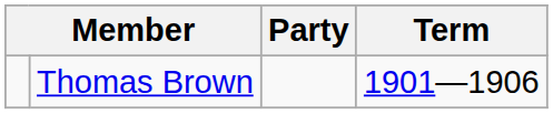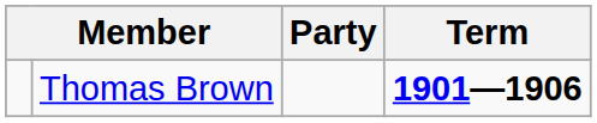 <table class="wikitable">
 <tr>
 <th colspan="2">Member</th>
 <th>Party</th>
 <th>Term</th>
 </tr>
 <tr>
 <td> </td>
 <td><a href='#'>Thomas Brown</a></td>
 <td></td>
-<td><a href='#'>1901</a>—1906</td>
+<td><strong><a href='#'>1901</a>—1906</strong></td>
 </tr>
 </table>
